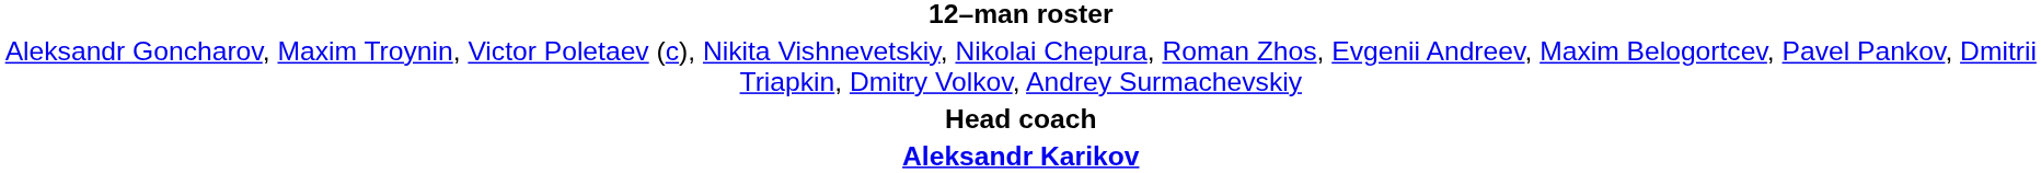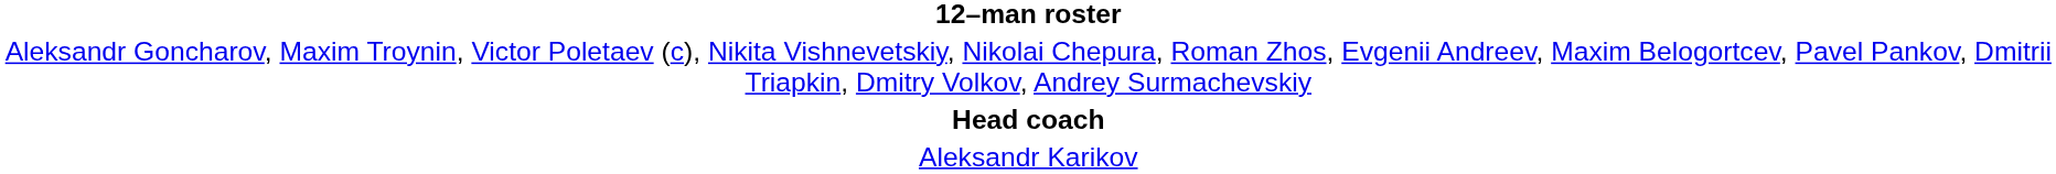 <table style="text-align:center; margin-top:2em; margin-left:auto; margin-right:auto">
 <tr>
 <td><strong>12–man roster</strong></td>
 </tr>
 <tr>
 <td><a href='#'>Aleksandr Goncharov</a>, <a href='#'>Maxim Troynin</a>, <a href='#'>Victor Poletaev</a> (<a href='#'>c</a>), <a href='#'>Nikita Vishnevetskiy</a>, <a href='#'>Nikolai Chepura</a>, <a href='#'>Roman Zhos</a>, <a href='#'>Evgenii Andreev</a>, <a href='#'>Maxim Belogortcev</a>, <a href='#'>Pavel Pankov</a>, <a href='#'>Dmitrii Triapkin</a>, <a href='#'>Dmitry Volkov</a>, <a href='#'>Andrey Surmachevskiy</a></td>
 </tr>
 <tr>
 <td><strong>Head coach</strong></td>
 </tr>
 <tr>
-<td><strong><a href='#'>Aleksandr Karikov</a></strong></td>
+<td><a href='#'>Aleksandr Karikov</a></td>
 </tr>
 </table>
